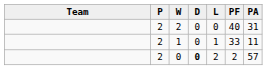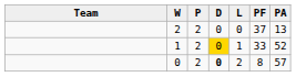 <table class="wikitable" style="text-align: center;">
 <tr>
 <th style="background:#efefef; width:200px;">Team</th>
+<th style="background:#efefef; width:20px;">W</th>
 <th style="background:#efefef; width:20px;">P</th>
-<th style="background:#efefef; width:20px;">W</th>
 <th style="background:#efefef; width:20px;">D</th>
 <th style="background:#efefef; width:20px;">L</th>
 <th style="background:#efefef; width:20px;">PF</th>
 <th style="background:#efefef; width:20px;">PA</th>
 </tr>
 <tr>
 <td align="left"></td>
 <td>2</td>
 <td>2</td>
 <td>0</td>
 <td>0</td>
-<td>40</td>
-<td>31</td>
+<td>37</td>
+<td>13</td>
 </tr>
 <tr>
 <td align="left"></td>
+<td>1</td>
 <td>2</td>
-<td>1</td>
-<td>0</td>
+<td style="background: gold;">0</td>
 <td>1</td>
 <td>33</td>
-<td>11</td>
+<td>52</td>
 </tr>
 <tr>
 <td align="left"></td>
+<td>0</td>
 <td>2</td>
-<td>0</td>
 <td><strong>0</strong></td>
 <td>2</td>
-<td>2</td>
+<td>8</td>
 <td>57</td>
 </tr>
 </table>
